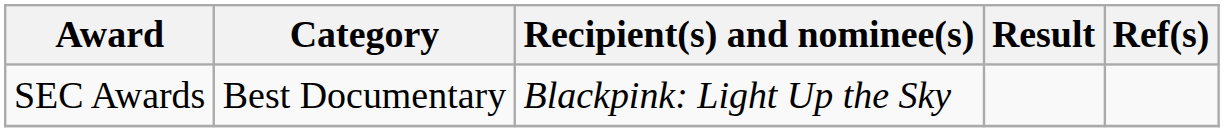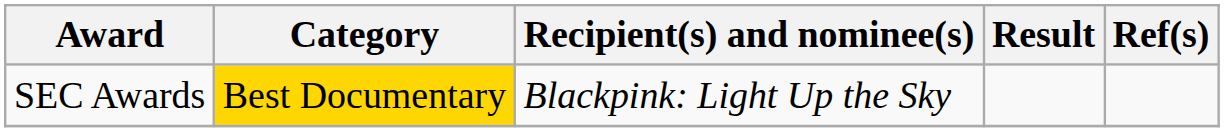 <table class="wikitable">
 <tr>
 <th>Award</th>
 <th>Category</th>
 <th>Recipient(s) and nominee(s)</th>
 <th>Result</th>
 <th>Ref(s)</th>
 </tr>
 <tr>
 <td>SEC Awards</td>
-<td>Best Documentary</td>
+<td style="background: gold;">Best Documentary</td>
 <td><em>Blackpink: Light Up the Sky</em></td>
 <td></td>
 <td style="text-align:center;"></td>
 </tr>
 <tr>
 </tr>
 </table>
